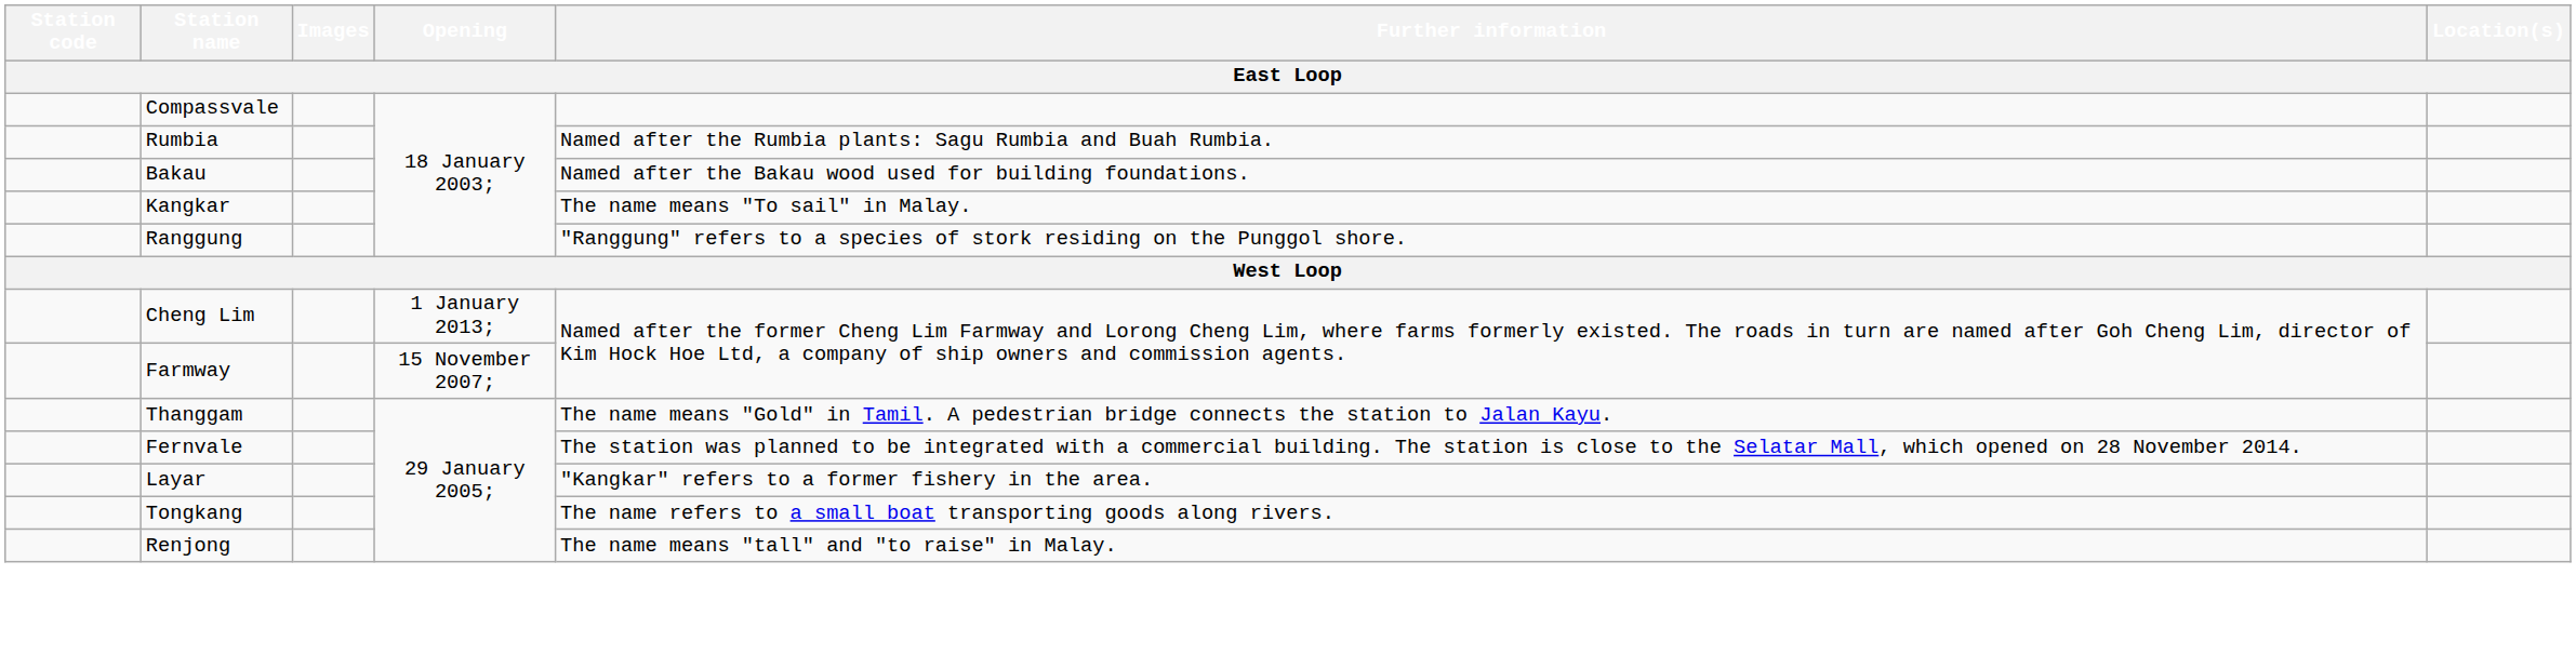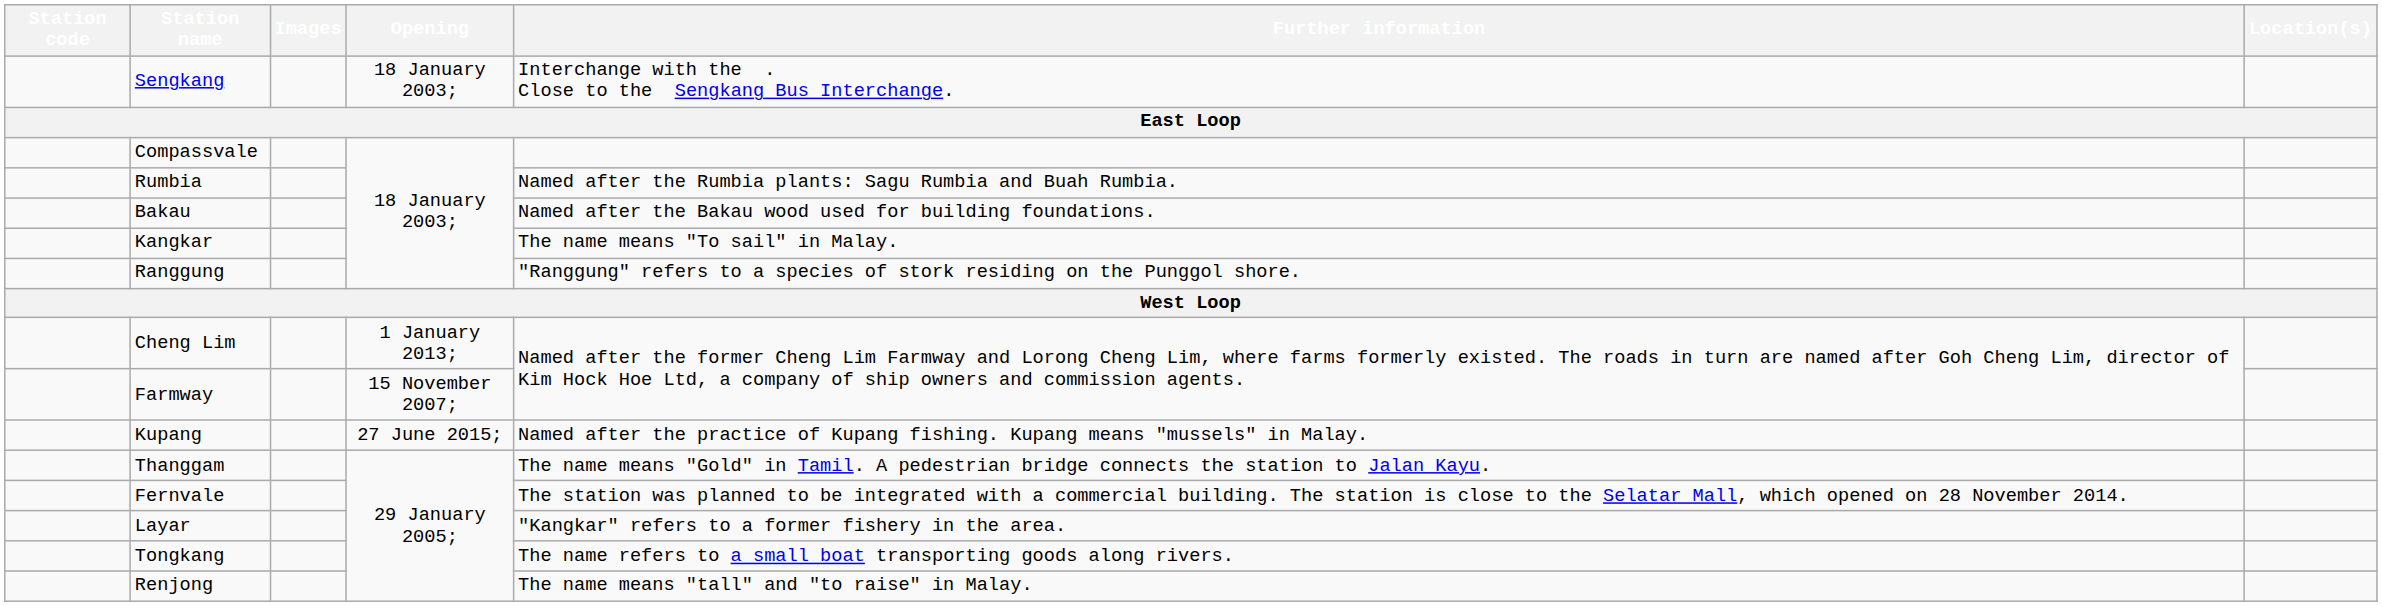 <table class="wikitable" style="border-collapse: collapse; font-size: 95%">
 <tr>
 <th scope="col" style="color: white; background:#">Station code</th>
 <th scope="col" style="color: white; background:#">Station name</th>
 <th scope="col" style="color: white; background:#">Images</th>
 <th scope="col" style="color: white; background:#">Opening</th>
 <th scope="col" style="color: white; background:#">Further information</th>
 <th scope="col" style="color: white; background:#">Location(s)</th>
+</tr>
+<tr>
+<td></td>
+<td><a href='#'>Sengkang</a></td>
+<td></td>
+<td align="center">18 January 2003; <br> </td>
+<td>Interchange with the  .<br>Close to the  <a href='#'>Sengkang Bus Interchange</a>.</td>
+<td></td>
 </tr>
 <tr>
 <th colspan="6">East Loop</th>
 </tr>
 <tr>
 <td></td>
 <td>Compassvale</td>
 <td></td>
 <td rowspan="5" align="center">18 January 2003; <br> </td>
 <td></td>
 <td></td>
 </tr>
 <tr>
 <td></td>
 <td>Rumbia</td>
 <td></td>
 <td>Named after the Rumbia plants: Sagu Rumbia and Buah Rumbia.</td>
 <td></td>
 </tr>
 <tr>
 <td></td>
 <td>Bakau</td>
 <td></td>
 <td>Named after the Bakau wood used for building foundations.</td>
 <td></td>
 </tr>
 <tr>
 <td></td>
 <td>Kangkar</td>
 <td></td>
 <td>The name means "To sail" in Malay.</td>
 <td></td>
 </tr>
 <tr>
 <td></td>
 <td>Ranggung</td>
 <td></td>
 <td>"Ranggung" refers to a species of stork residing on the Punggol shore.</td>
 <td></td>
 </tr>
 <tr>
 <th colspan="6">West Loop</th>
 </tr>
 <tr>
 <td></td>
 <td>Cheng Lim</td>
 <td></td>
 <td align="center">1 January 2013; <br> </td>
 <td rowspan="2">Named after the former Cheng Lim Farmway and Lorong Cheng Lim, where farms formerly existed. The roads in turn are named after Goh Cheng Lim, director of Kim Hock Hoe Ltd, a company of ship owners and commission agents.</td>
 <td></td>
 </tr>
 <tr>
 <td></td>
 <td>Farmway</td>
 <td></td>
 <td align=center>15 November 2007; <br> </td>
 <td></td>
 </tr>
 <tr>
 <td></td>
+<td>Kupang</td>
+<td></td>
+<td align=center>27 June 2015; <br> </td>
+<td>Named after the practice of Kupang fishing. Kupang means "mussels" in Malay.</td>
+<td></td>
+</tr>
+<tr>
+<td></td>
 <td>Thanggam</td>
 <td></td>
 <td rowspan="5" align=center>29 January 2005; <br> </td>
 <td>The name means "Gold" in <a href='#'>Tamil</a>. A pedestrian bridge connects the station to <a href='#'>Jalan Kayu</a>.</td>
 <td></td>
 </tr>
 <tr>
 <td></td>
 <td>Fernvale</td>
 <td></td>
 <td>The station was planned to be integrated with a commercial building. The station is close to the <a href='#'>Selatar Mall</a>, which opened on 28 November 2014.</td>
 <td></td>
 </tr>
 <tr>
 <td></td>
 <td>Layar</td>
 <td></td>
 <td>"Kangkar" refers to a former fishery in the area.</td>
 <td></td>
 </tr>
 <tr>
 <td></td>
 <td>Tongkang</td>
 <td></td>
 <td>The name refers to <a href='#'>a small boat</a> transporting goods along rivers.</td>
 <td></td>
 </tr>
 <tr>
 <td></td>
 <td>Renjong</td>
 <td></td>
 <td>The name means "tall" and "to raise" in Malay.</td>
 <td></td>
 </tr>
 </table>
